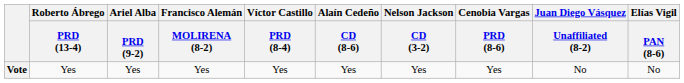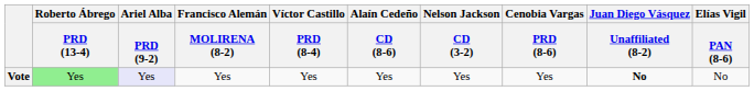 <table class="wikitable" style="text-align:center;">
 <tr>
 <th rowspan="2"></th>
 <th>Roberto Ábrego</th>
 <th>Ariel Alba</th>
 <th>Francisco Alemán</th>
 <th>Víctor Castillo</th>
 <th>Alaín Cedeño</th>
 <th>Nelson Jackson</th>
 <th>Cenobia Vargas</th>
 <th><a href='#'>Juan Diego Vásquez</a></th>
 <th>Elías Vigil</th>
 </tr>
 <tr>
 <th> <a href='#'>PRD</a><br>(13-4)</th>
 <th><br><a href='#'>PRD</a><br>(9-2)</th>
 <th><a href='#'>MOLIRENA</a><br>(8-2)</th>
 <th> <a href='#'>PRD</a><br>(8-4)</th>
 <th> <a href='#'>CD</a><br>(8-6)</th>
 <th> <a href='#'>CD</a><br>(3-2)</th>
 <th> <a href='#'>PRD</a><br>(8-6)</th>
 <th><a href='#'>Unaffiliated</a><br>(8-2)</th>
 <th><br><a href='#'>PAN</a><br>(8-6)</th>
 </tr>
 <tr>
 <th>Vote</th>
+<td style="background: lightgreen;"><strong></strong> Yes</td>
+<td style="background: lavender;"><strong></strong> Yes</td>
 <td><strong></strong> Yes</td>
 <td><strong></strong> Yes</td>
 <td><strong></strong> Yes</td>
 <td><strong></strong> Yes</td>
 <td><strong></strong> Yes</td>
-<td><strong></strong> Yes</td>
-<td><strong></strong> Yes</td>
-<td> No</td>
+<td><strong> No</strong></td>
 <td> No</td>
 </tr>
 </table>
